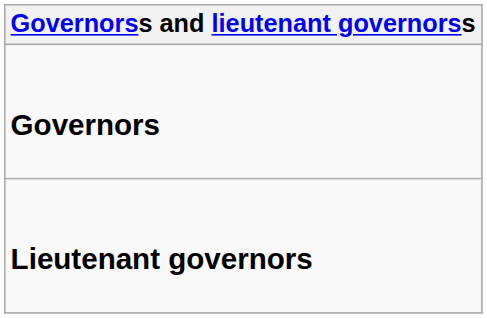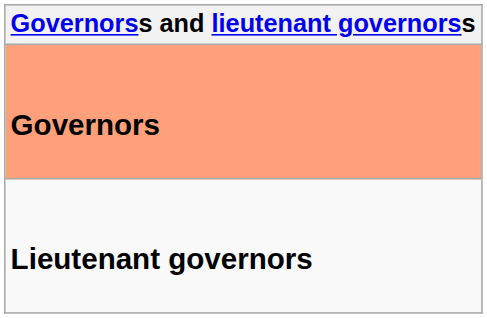 <table class="wikitable collapsible collapsed">
 <tr>
 <th><a href='#'>Governors</a>s and <a href='#'>lieutenant governors</a>s</th>
 </tr>
 <tr>
-<td><br><h3>Governors</h3></td>
+<td style="background: lightsalmon;"><br><h3>Governors</h3></td>
 </tr>
 <tr>
 <td><br><h3>Lieutenant governors</h3></td>
 </tr>
 </table>
